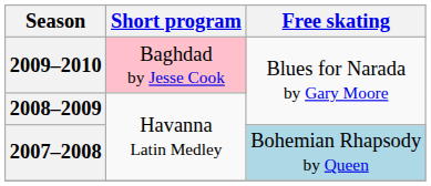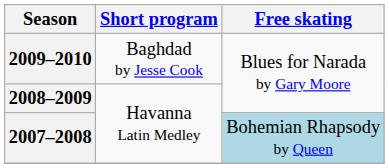 <table class="wikitable" style="text-align:center">
 <tr>
 <th>Season</th>
 <th><a href='#'>Short program</a></th>
 <th><a href='#'>Free skating</a></th>
 </tr>
 <tr>
 <th>2009–2010</th>
-<td style="background: pink;">Baghdad <br><small> by <a href='#'>Jesse Cook</a></small></td>
+<td>Baghdad <br><small> by <a href='#'>Jesse Cook</a></small></td>
 <td rowspan=2>Blues for Narada <br><small> by <a href='#'>Gary Moore</a></small></td>
 </tr>
 <tr>
 <th>2008–2009</th>
 <td rowspan=2>Havanna <br><small> Latin Medley </small></td>
 </tr>
 <tr>
 <th>2007–2008</th>
 <td style="background: lightblue;">Bohemian Rhapsody <br><small> by <a href='#'>Queen</a></small></td>
 </tr>
 <tr>
 </tr>
 </table>
